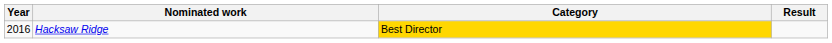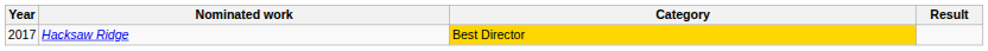 <table class="wikitable">
 <tr>
 <th scope="col" style="width:1em;">Year</th>
 <th scope="col" style="width:35em;">Nominated work</th>
 <th scope="col" style="width:40em;">Category</th>
 <th scope="col" style="width:5em;">Result</th>
 </tr>
 <tr>
-<td>2016</td>
+<td>2017</td>
 <td><em><a href='#'>Hacksaw Ridge</a></em></td>
 <td style="background: gold;">Best Director</td>
 <td></td>
 </tr>
 </table>
